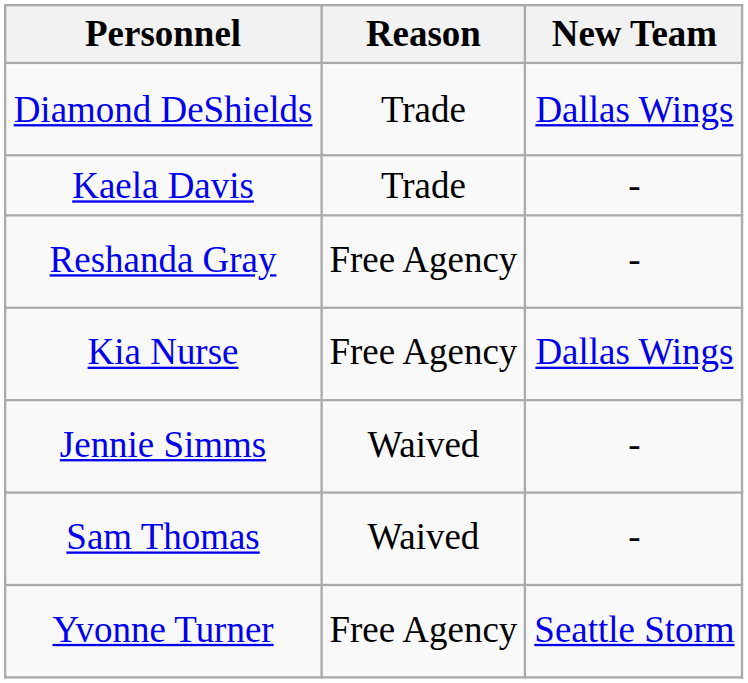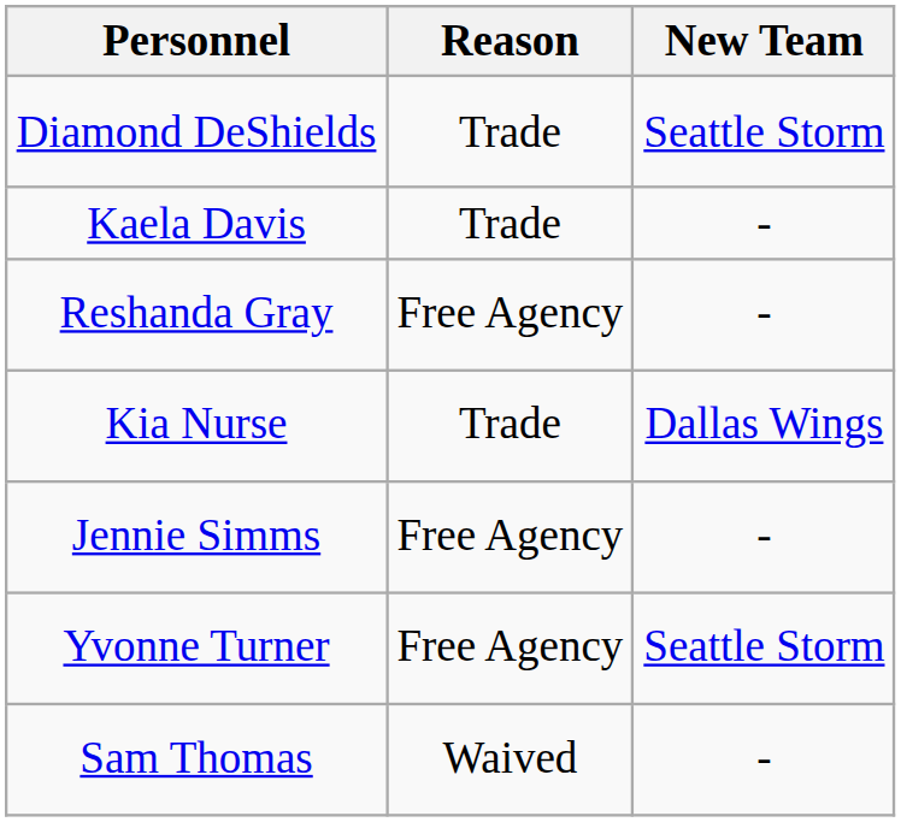 <table class="wikitable" style="text-align: center">
 <tr align="center"  bgcolor="#dddddd">
 <th><strong>Personnel</strong></th>
 <th><strong>Reason</strong></th>
 <th><strong>New Team</strong></th>
 </tr>
 <tr style="height:40px">
 <td><a href='#'>Diamond DeShields</a></td>
 <td>Trade</td>
-<td><a href='#'>Dallas Wings</a></td>
+<td><a href='#'>Seattle Storm</a></td>
 </tr>
 <tr>
 <td><a href='#'>Kaela Davis</a></td>
 <td>Trade</td>
 <td>-</td>
 </tr>
 <tr style="height:40px">
 <td><a href='#'>Reshanda Gray</a></td>
 <td>Free Agency</td>
 <td>-</td>
 </tr>
 <tr style="height:40px">
 <td><a href='#'>Kia Nurse</a></td>
-<td>Free Agency</td>
+<td>Trade</td>
 <td><a href='#'>Dallas Wings</a></td>
 </tr>
 <tr style="height:40px">
 <td><a href='#'>Jennie Simms</a></td>
-<td>Waived</td>
-<td>-</td>
-</tr>
-<tr style="height:40px">
-<td><a href='#'>Sam Thomas</a></td>
-<td>Waived</td>
+<td>Free Agency</td>
 <td>-</td>
 </tr>
 <tr style="height:40px">
 <td><a href='#'>Yvonne Turner</a></td>
 <td>Free Agency</td>
 <td><a href='#'>Seattle Storm</a></td>
 </tr>
+<tr style="height:40px">
+<td><a href='#'>Sam Thomas</a></td>
+<td>Waived</td>
+<td>-</td>
+</tr>
 </table>
